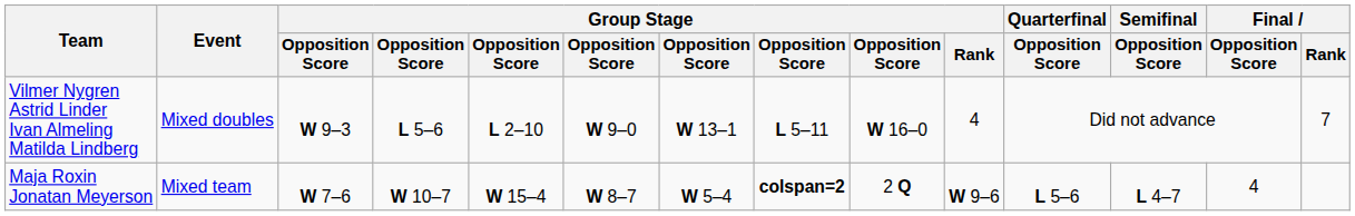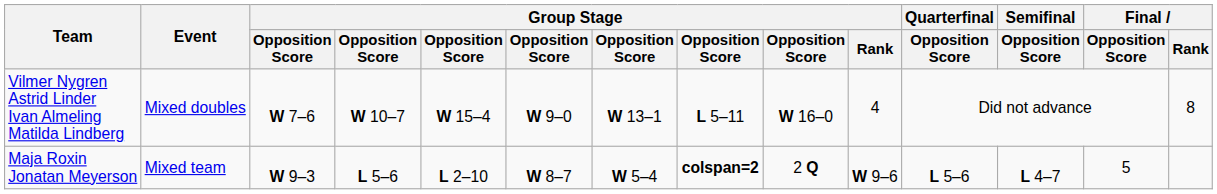 <table class="wikitable" style="font-size:90%">
 <tr>
 <th rowspan=2>Team</th>
 <th rowspan=2>Event</th>
 <th colspan=8>Group Stage</th>
 <th>Quarterfinal</th>
 <th>Semifinal</th>
 <th colspan=2>Final / </th>
 </tr>
 <tr style="font-size:95%">
 <th>Opposition <br> Score</th>
 <th>Opposition <br> Score</th>
 <th>Opposition <br> Score</th>
 <th>Opposition <br> Score</th>
 <th>Opposition <br> Score</th>
 <th>Opposition <br> Score</th>
 <th>Opposition <br> Score</th>
 <th>Rank</th>
 <th>Opposition <br> Score</th>
 <th>Opposition <br> Score</th>
 <th>Opposition <br> Score</th>
 <th>Rank</th>
 </tr>
 <tr align=center>
 <td align=left><a href='#'>Vilmer Nygren</a><br><a href='#'>Astrid Linder</a><br><a href='#'>Ivan Almeling</a><br><a href='#'>Matilda Lindberg</a></td>
 <td align=left><a href='#'>Mixed doubles</a></td>
-<td><br><strong>W</strong> 9–3</td>
-<td><br><strong>L</strong> 5–6</td>
-<td><br><strong>L</strong> 2–10</td>
+<td><br><strong>W</strong> 7–6</td>
+<td><br><strong>W</strong> 10–7</td>
+<td><br><strong>W</strong> 15–4</td>
 <td><br><strong>W</strong> 9–0</td>
 <td><br><strong>W</strong> 13–1</td>
 <td><br><strong>L</strong> 5–11</td>
 <td><br><strong>W</strong> 16–0</td>
 <td>4</td>
 <td colspan=3>Did not advance</td>
-<td>7</td>
+<td>8</td>
 </tr>
 <tr align=center>
 <td align=left><a href='#'>Maja Roxin</a><br><a href='#'>Jonatan Meyerson</a></td>
 <td align=left><a href='#'>Mixed team</a></td>
-<td><br><strong>W</strong> 7–6</td>
-<td><br><strong>W</strong> 10–7</td>
-<td><br><strong>W</strong> 15–4</td>
+<td><br><strong>W</strong> 9–3</td>
+<td><br><strong>L</strong> 5–6</td>
+<td><br><strong>L</strong> 2–10</td>
 <td><br><strong>W</strong> 8–7</td>
 <td><br><strong>W</strong> 5–4</td>
 <td><strong>colspan=2 </strong></td>
 <td>2 <strong>Q</strong></td>
 <td><br><strong>W</strong> 9–6</td>
 <td><br><strong>L</strong> 5–6</td>
 <td><br><strong>L</strong> 4–7</td>
-<td>4</td>
+<td>5</td>
 </tr>
 </table>
